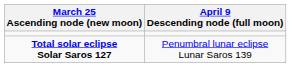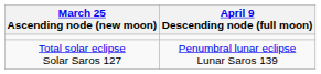 <table class="wikitable">
 <tr>
 <th><a href='#'>March 25</a><br>Ascending node (new moon)<br></th>
 <th><a href='#'>April 9</a><br>Descending node (full moon)<br></th>
 </tr>
 <tr>
 <td></td>
 <td></td>
 </tr>
 <tr align=center>
-<td><strong><a href='#'>Total solar eclipse</a><br>Solar Saros 127</strong></td>
+<td><a href='#'>Total solar eclipse</a><br>Solar Saros 127</td>
 <td><a href='#'>Penumbral lunar eclipse</a><br>Lunar Saros 139</td>
 </tr>
 </table>
